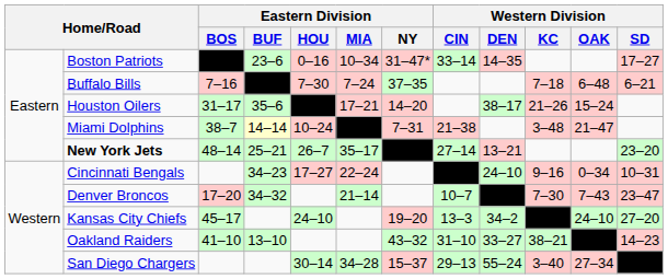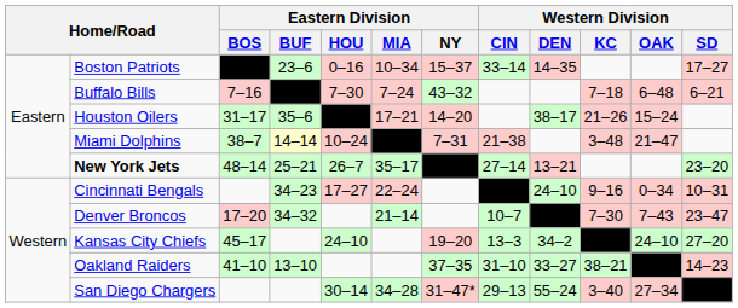 <table class="wikitable" style="font-size:95%; text-align:center">
 <tr>
 <th colspan="2" rowspan=2>Home/Road</th>
 <th colspan="5">Eastern Division</th>
 <th colspan="5">Western Division</th>
 </tr>
 <tr>
 <th><a href='#'>BOS</a></th>
 <th><a href='#'>BUF</a></th>
 <th><a href='#'>HOU</a></th>
 <th><a href='#'>MIA</a></th>
 <th>NY</th>
 <th><a href='#'>CIN</a></th>
 <th><a href='#'>DEN</a></th>
 <th><a href='#'>KC</a></th>
 <th><a href='#'>OAK</a></th>
 <th><a href='#'>SD</a></th>
 </tr>
 <tr>
 <td rowspan="5">Eastern</td>
 <td align="left"><a href='#'>Boston Patriots</a></td>
 <td style="background:#000"></td>
 <td style="background:#cfc">23–6</td>
 <td style="background:#fcc">0–16</td>
 <td style="background:#fcc">10–34</td>
-<td style="background:#fcc">31–47*</td>
+<td style="background:#fcc">15–37</td>
 <td style="background:#cfc">33–14</td>
 <td style="background:#fcc">14–35</td>
 <td></td>
 <td></td>
 <td style="background:#fcc">17–27</td>
 </tr>
 <tr>
 <td align="left"><a href='#'>Buffalo Bills</a></td>
 <td style="background:#fcc">7–16</td>
 <td style="background:#000"></td>
 <td style="background:#fcc">7–30</td>
 <td style="background:#fcc">7–24</td>
-<td style="background:#cfc">37–35</td>
+<td style="background:#cfc">43–32</td>
 <td></td>
 <td></td>
 <td style="background:#fcc">7–18</td>
 <td style="background:#fcc">6–48</td>
 <td style="background:#fcc">6–21</td>
 </tr>
 <tr>
 <td align="left"><a href='#'>Houston Oilers</a></td>
 <td style="background:#cfc">31–17</td>
 <td style="background:#cfc">35–6</td>
 <td style="background:#000"></td>
 <td style="background:#fcc">17–21</td>
 <td style="background:#fcc">14–20</td>
 <td></td>
 <td style="background:#cfc">38–17</td>
 <td style="background:#fcc">21–26</td>
 <td style="background:#fcc">15–24</td>
 <td></td>
 </tr>
 <tr>
 <td align="left"><a href='#'>Miami Dolphins</a></td>
 <td style="background:#cfc">38–7</td>
 <td style="background:#ffc">14–14</td>
 <td style="background:#fcc">10–24</td>
 <td style="background:#000"></td>
 <td style="background:#fcc">7–31</td>
 <td style="background:#fcc">21–38</td>
 <td></td>
 <td style="background:#fcc">3–48</td>
 <td style="background:#fcc">21–47</td>
 <td></td>
 </tr>
 <tr>
 <td align="left"><strong>New York Jets</strong></td>
 <td style="background:#cfc">48–14</td>
 <td style="background:#cfc">25–21</td>
 <td style="background:#cfc">26–7</td>
 <td style="background:#cfc">35–17</td>
 <td style="background:#000"></td>
 <td style="background:#cfc">27–14</td>
 <td style="background:#fcc">13–21</td>
 <td></td>
 <td></td>
 <td style="background:#cfc">23–20</td>
 </tr>
 <tr>
 <td rowspan="5">Western</td>
 <td align="left"><a href='#'>Cincinnati Bengals</a></td>
 <td></td>
 <td style="background:#cfc">34–23</td>
 <td style="background:#fcc">17–27</td>
 <td style="background:#fcc">22–24</td>
 <td></td>
 <td style="background:#000"></td>
 <td style="background:#cfc">24–10</td>
 <td style="background:#fcc">9–16</td>
 <td style="background:#fcc">0–34</td>
 <td style="background:#fcc">10–31</td>
 </tr>
 <tr>
 <td align="left"><a href='#'>Denver Broncos</a></td>
 <td style="background:#fcc">17–20</td>
 <td style="background:#cfc">34–32</td>
 <td></td>
 <td style="background:#cfc">21–14</td>
 <td></td>
 <td style="background:#cfc">10–7</td>
 <td style="background:#000"></td>
 <td style="background:#fcc">7–30</td>
 <td style="background:#fcc">7–43</td>
 <td style="background:#fcc">23–47</td>
 </tr>
 <tr>
 <td align="left"><a href='#'>Kansas City Chiefs</a></td>
 <td style="background:#cfc">45–17</td>
 <td></td>
 <td style="background:#cfc">24–10</td>
 <td></td>
 <td style="background:#fcc">19–20</td>
 <td style="background:#cfc">13–3</td>
 <td style="background:#cfc">34–2</td>
 <td style="background:#000"></td>
 <td style="background:#cfc">24–10</td>
 <td style="background:#cfc">27–20</td>
 </tr>
 <tr>
 <td align="left"><a href='#'>Oakland Raiders</a></td>
 <td style="background:#cfc">41–10</td>
 <td style="background:#cfc">13–10</td>
 <td></td>
 <td></td>
-<td style="background:#cfc">43–32</td>
+<td style="background:#cfc">37–35</td>
 <td style="background:#cfc">31–10</td>
 <td style="background:#cfc">33–27</td>
 <td style="background:#cfc">38–21</td>
 <td style="background:#000"></td>
 <td style="background:#fcc">14–23</td>
 </tr>
 <tr>
 <td align="left"><a href='#'>San Diego Chargers</a></td>
 <td></td>
 <td></td>
 <td style="background:#cfc">30–14</td>
 <td style="background:#cfc">34–28</td>
-<td style="background:#fcc">15–37</td>
+<td style="background:#fcc">31–47*</td>
 <td style="background:#cfc">29–13</td>
 <td style="background:#cfc">55–24</td>
 <td style="background:#fcc">3–40</td>
 <td style="background:#fcc">27–34</td>
 <td style="background:#000"></td>
 </tr>
 </table>
